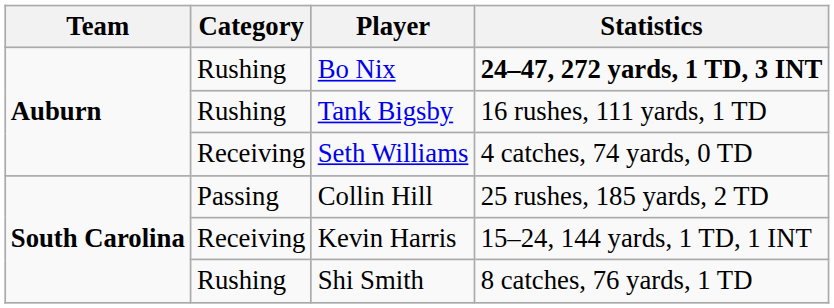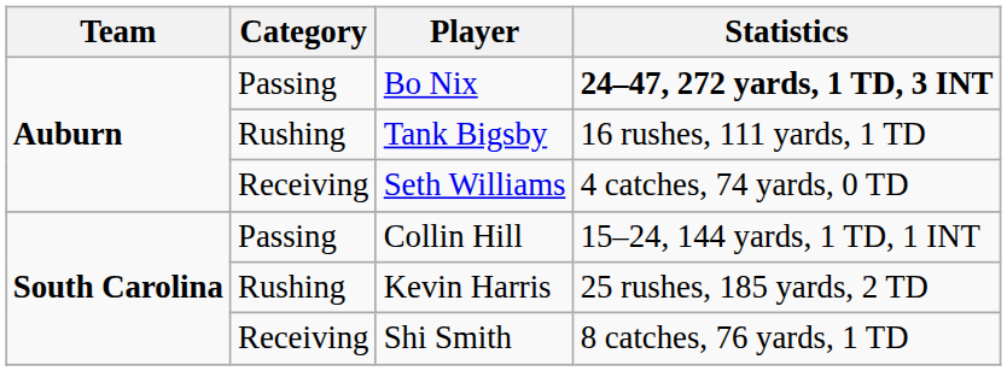 <table class="wikitable" style="float: right;">
 <tr>
 <th>Team</th>
 <th>Category</th>
 <th>Player</th>
 <th>Statistics</th>
 </tr>
 <tr>
 <td rowspan=3><strong>Auburn</strong></td>
-<td>Rushing</td>
+<td>Passing</td>
 <td><a href='#'>Bo Nix</a></td>
 <td><strong>24–47, 272 yards, 1 TD, 3 INT</strong></td>
 </tr>
 <tr>
 <td>Rushing</td>
 <td><a href='#'>Tank Bigsby</a></td>
 <td>16 rushes, 111 yards, 1 TD</td>
 </tr>
 <tr>
 <td>Receiving</td>
 <td><a href='#'>Seth Williams</a></td>
 <td>4 catches, 74 yards, 0 TD</td>
 </tr>
 <tr>
 <td rowspan=3><strong>South Carolina</strong></td>
 <td>Passing</td>
 <td>Collin Hill</td>
+<td>15–24, 144 yards, 1 TD, 1 INT</td>
+</tr>
+<tr>
+<td>Rushing</td>
+<td>Kevin Harris</td>
 <td>25 rushes, 185 yards, 2 TD</td>
 </tr>
 <tr>
 <td>Receiving</td>
-<td>Kevin Harris</td>
-<td>15–24, 144 yards, 1 TD, 1 INT</td>
-</tr>
-<tr>
-<td>Rushing</td>
 <td>Shi Smith</td>
 <td>8 catches, 76 yards, 1 TD</td>
 </tr>
 </table>
